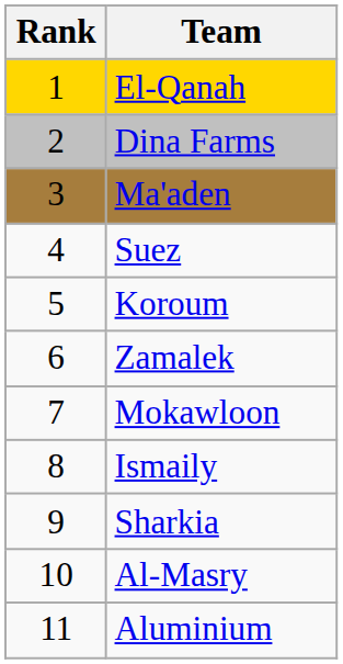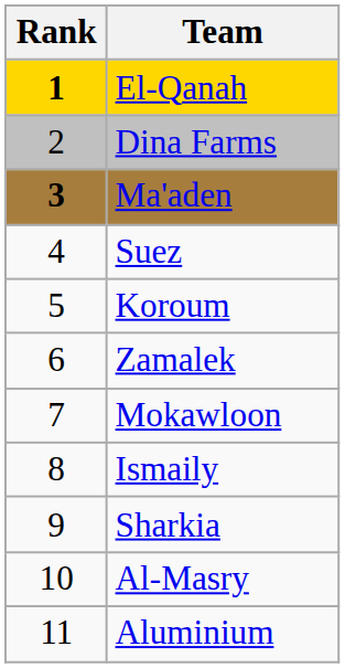 <table class="wikitable" style="text-align: center;">
 <tr>
 <th width=40>Rank</th>
 <th width=100>Team</th>
 </tr>
 <tr bgcolor=gold>
-<td>1</td>
+<td><strong>1</strong></td>
 <td align="left"><a href='#'>El-Qanah</a></td>
 </tr>
 <tr bgcolor=silver>
 <td>2</td>
 <td align="left"><a href='#'>Dina Farms</a></td>
 </tr>
 <tr bgcolor="a67d3d">
-<td>3</td>
+<td><strong>3</strong></td>
 <td align="left"><a href='#'>Ma'aden</a></td>
 </tr>
 <tr>
 <td>4</td>
 <td align="left"><a href='#'>Suez</a></td>
 </tr>
 <tr>
 <td>5</td>
 <td align="left"><a href='#'>Koroum</a></td>
 </tr>
 <tr>
 <td>6</td>
 <td align="left"><a href='#'>Zamalek</a></td>
 </tr>
 <tr>
 <td>7</td>
 <td align="left"><a href='#'>Mokawloon</a></td>
 </tr>
 <tr>
 <td>8</td>
 <td align="left"><a href='#'>Ismaily</a></td>
 </tr>
 <tr>
 <td>9</td>
 <td align="left"><a href='#'>Sharkia</a></td>
 </tr>
 <tr>
 <td>10</td>
 <td align="left"><a href='#'>Al-Masry</a></td>
 </tr>
 <tr>
 <td>11</td>
 <td align="left"><a href='#'>Aluminium</a></td>
 </tr>
 </table>
